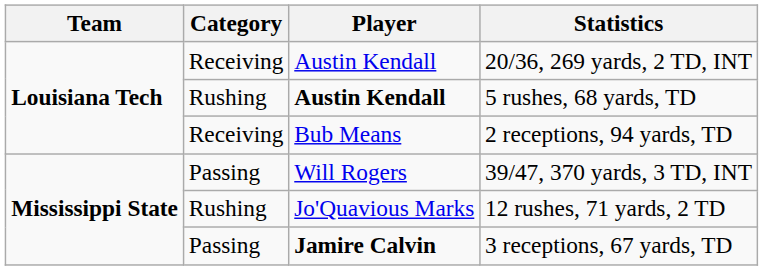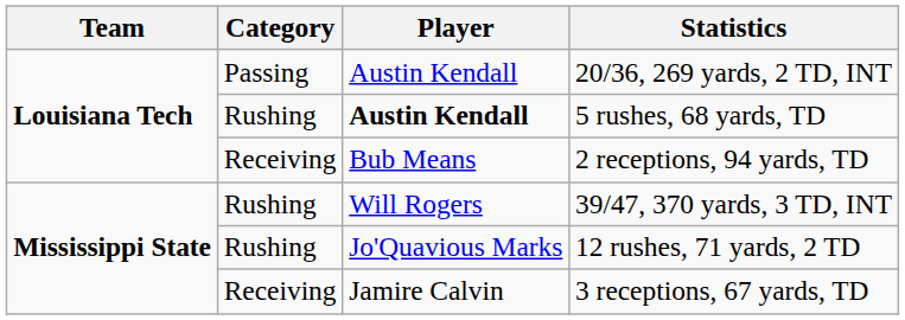 <table class="wikitable" style="float: right;">
 <tr>
 <th>Team</th>
 <th>Category</th>
 <th>Player</th>
 <th>Statistics</th>
 </tr>
 <tr>
 <td rowspan=3><strong>Louisiana Tech</strong></td>
-<td>Receiving</td>
+<td>Passing</td>
 <td><a href='#'>Austin Kendall</a></td>
 <td>20/36, 269 yards, 2 TD, INT</td>
 </tr>
 <tr>
 <td>Rushing</td>
 <td><strong>Austin Kendall</strong></td>
 <td>5 rushes, 68 yards, TD</td>
 </tr>
 <tr>
 <td>Receiving</td>
 <td><a href='#'>Bub Means</a></td>
 <td>2 receptions, 94 yards, TD</td>
 </tr>
 <tr>
 <td rowspan=3><strong>Mississippi State</strong></td>
-<td>Passing</td>
+<td>Rushing</td>
 <td><a href='#'>Will Rogers</a></td>
 <td>39/47, 370 yards, 3 TD, INT</td>
 </tr>
 <tr>
 <td>Rushing</td>
 <td><a href='#'>Jo'Quavious Marks</a></td>
 <td>12 rushes, 71 yards, 2 TD</td>
 </tr>
 <tr>
-<td>Passing</td>
-<td><strong>Jamire Calvin</strong></td>
+<td>Receiving</td>
+<td>Jamire Calvin</td>
 <td>3 receptions, 67 yards, TD</td>
 </tr>
 </table>
